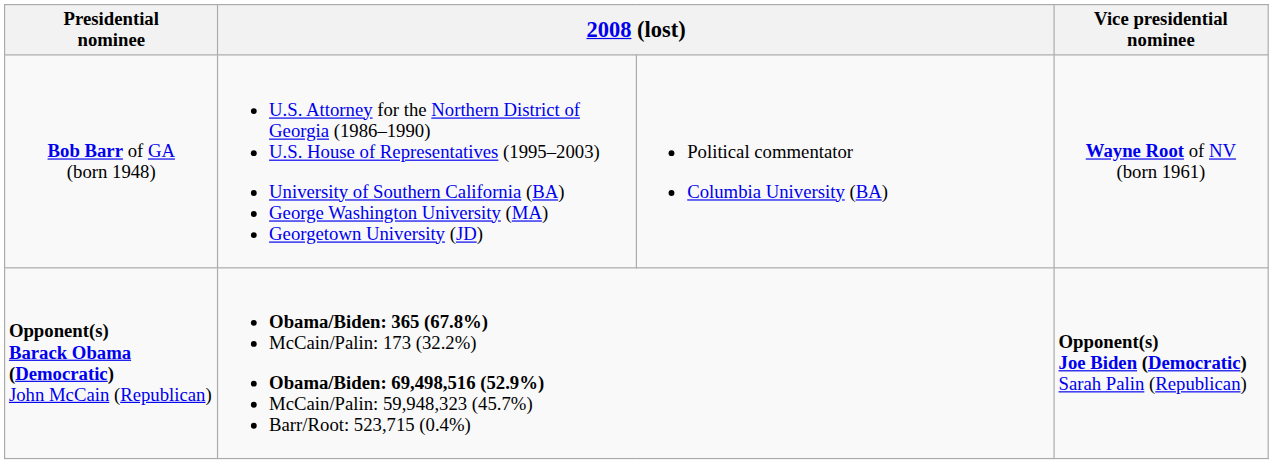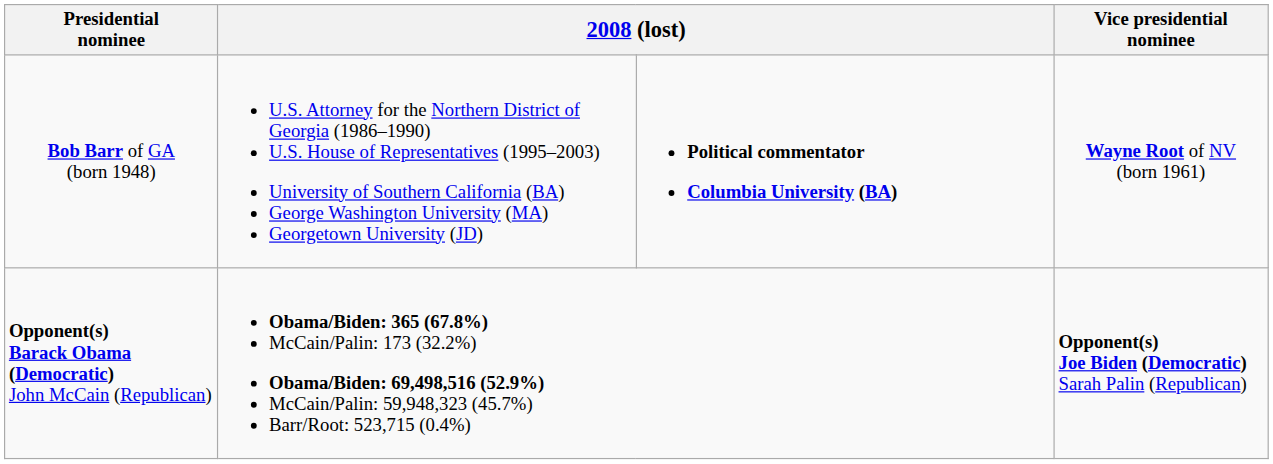 <table class="wikitable">
 <tr>
 <th width=175>Presidential<br>nominee</th>
 <th colspan=2><big><a href='#'>2008</a> (lost)</big></th>
 <th width=175>Vice presidential<br>nominee</th>
 </tr>
 <tr>
 <td style="text-align:center;"><strong><a href='#'>Bob Barr</a></strong> of <a href='#'>GA</a><br>(born 1948)<br></td>
 <td width=350><br><ul><li><a href='#'>U.S. Attorney</a> for the <a href='#'>Northern District of Georgia</a> (1986–1990)</li><li><a href='#'>U.S. House of Representatives</a> (1995–2003)</li></ul><ul><li><a href='#'>University of Southern California</a> (<a href='#'>BA</a>)</li><li><a href='#'>George Washington University</a> (<a href='#'>MA</a>)</li><li><a href='#'>Georgetown University</a> (<a href='#'>JD</a>)</li></ul></td>
-<td width=350><br><ul><li>Political commentator</li></ul><ul><li><a href='#'>Columbia University</a> (<a href='#'>BA</a>)</li></ul></td>
+<td width=350><strong><br><ul><li>Political commentator</li></ul><ul><li><a href='#'>Columbia University</a> (<a href='#'>BA</a>)</li></ul></strong></td>
 <td style="text-align:center;"><strong><a href='#'>Wayne Root</a></strong> of <a href='#'>NV</a><br>(born 1961)<br></td>
 </tr>
 <tr>
 <td><strong>Opponent(s)</strong><br><strong><a href='#'>Barack Obama</a> (<a href='#'>Democratic</a>)</strong><br><a href='#'>John McCain</a> (<a href='#'>Republican</a>)</td>
 <td colspan=2><br><ul><li><strong>Obama/Biden: 365 (67.8%)</strong></li><li>McCain/Palin: 173 (32.2%)</li></ul><ul><li><strong>Obama/Biden: 69,498,516 (52.9%)</strong></li><li>McCain/Palin: 59,948,323 (45.7%)</li><li>Barr/Root: 523,715 (0.4%)</li></ul></td>
 <td><strong>Opponent(s)</strong><br><strong><a href='#'>Joe Biden</a> (<a href='#'>Democratic</a>)</strong><br><a href='#'>Sarah Palin</a> (<a href='#'>Republican</a>)</td>
 </tr>
 </table>
